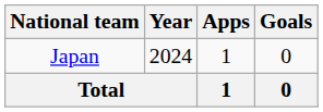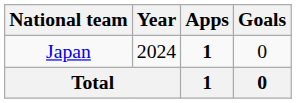 <table class="wikitable" style="text-align:center">
 <tr>
 <th>National team</th>
 <th>Year</th>
 <th>Apps</th>
 <th>Goals</th>
 </tr>
 <tr>
 <td rowspan="1"><a href='#'>Japan</a></td>
 <td>2024</td>
-<td>1</td>
+<td><strong>1</strong></td>
 <td>0</td>
 </tr>
 <tr>
 <th colspan="2">Total</th>
 <th>1</th>
 <th>0</th>
 </tr>
 </table>
